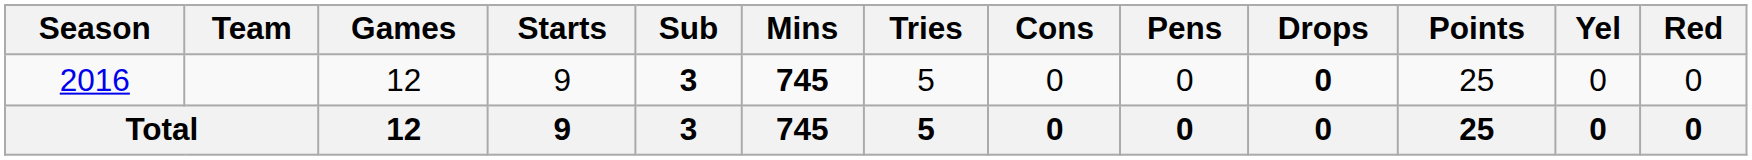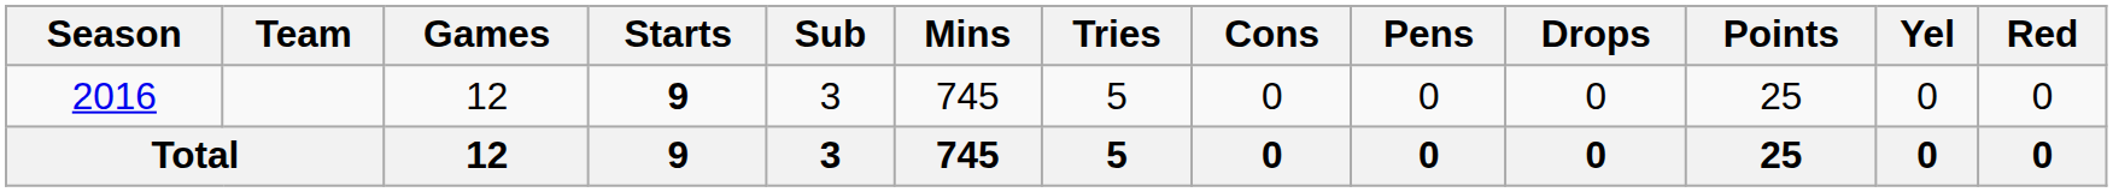 <table class="wikitable" style="text-align:center;width:70%;">
 <tr>
 <th>Season</th>
 <th>Team</th>
 <th>Games</th>
 <th>Starts</th>
 <th>Sub</th>
 <th>Mins</th>
 <th>Tries</th>
 <th>Cons</th>
 <th>Pens</th>
 <th>Drops</th>
 <th>Points</th>
 <th>Yel</th>
 <th>Red</th>
 </tr>
 <tr>
 <td><a href='#'>2016</a></td>
 <td></td>
 <td>12</td>
-<td>9</td>
-<td><strong>3</strong></td>
-<td><strong>745</strong></td>
+<td><strong>9</strong></td>
+<td>3</td>
+<td>745</td>
 <td>5</td>
 <td>0</td>
 <td>0</td>
-<td><strong>0</strong></td>
+<td>0</td>
 <td>25</td>
 <td>0</td>
 <td>0</td>
 </tr>
 <tr>
 <th colspan="2">Total</th>
 <th>12</th>
 <th>9</th>
 <th>3</th>
 <th>745</th>
 <th>5</th>
 <th>0</th>
 <th>0</th>
 <th>0</th>
 <th>25</th>
 <th>0</th>
 <th>0</th>
 </tr>
 </table>
